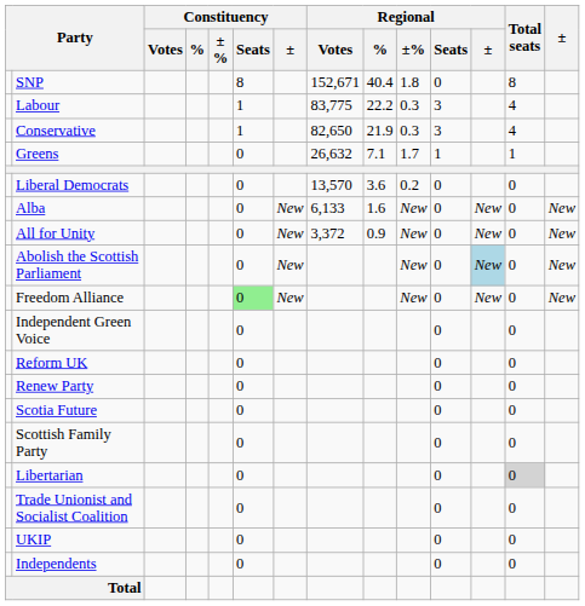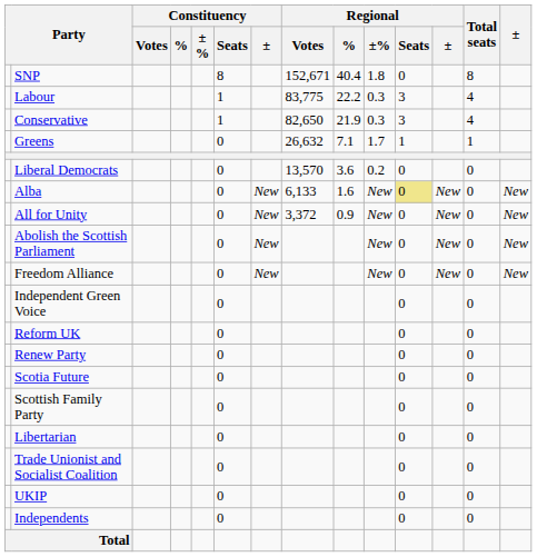 <table class="wikitable sortable">
 <tr>
 <th colspan="2" rowspan="2">Party</th>
 <th colspan="5">Constituency</th>
 <th colspan="5">Regional</th>
 <th rowspan="2">Total<br>seats</th>
 <th rowspan="2">±</th>
 </tr>
 <tr>
 <th>Votes</th>
 <th>%</th>
 <th>±%</th>
 <th>Seats</th>
 <th>±</th>
 <th>Votes</th>
 <th>%</th>
 <th>±%</th>
 <th>Seats</th>
 <th>±</th>
 </tr>
 <tr>
 <td style="color:inherit;background:"></td>
 <td><a href='#'>SNP</a></td>
 <td></td>
 <td></td>
 <td></td>
 <td>8</td>
 <td></td>
 <td>152,671</td>
 <td>40.4</td>
 <td>1.8</td>
 <td>0</td>
 <td></td>
 <td>8</td>
 <td></td>
 </tr>
 <tr>
 <td style="color:inherit;background:"></td>
 <td><a href='#'>Labour</a></td>
 <td></td>
 <td></td>
 <td></td>
 <td>1</td>
 <td></td>
 <td>83,775</td>
 <td>22.2</td>
 <td>0.3</td>
 <td>3</td>
 <td></td>
 <td>4</td>
 <td></td>
 </tr>
 <tr>
 <td style="color:inherit;background:"></td>
 <td><a href='#'>Conservative</a></td>
 <td></td>
 <td></td>
 <td></td>
 <td>1</td>
 <td></td>
 <td>82,650</td>
 <td>21.9</td>
 <td>0.3</td>
 <td>3</td>
 <td></td>
 <td>4</td>
 <td></td>
 </tr>
 <tr>
 <td style="color:inherit;background:"></td>
 <td><a href='#'>Greens</a></td>
 <td></td>
 <td></td>
 <td></td>
 <td>0</td>
 <td></td>
 <td>26,632</td>
 <td>7.1</td>
 <td>1.7</td>
 <td>1</td>
 <td></td>
 <td>1</td>
 <td></td>
 </tr>
 <tr>
 <th colspan=14></th>
 </tr>
 <tr>
 <td style="color:inherit;background:"></td>
 <td><a href='#'>Liberal Democrats</a></td>
 <td></td>
 <td></td>
 <td></td>
 <td>0</td>
 <td></td>
 <td>13,570</td>
 <td>3.6</td>
 <td>0.2</td>
 <td>0</td>
 <td></td>
 <td>0</td>
 <td></td>
 </tr>
 <tr>
 <td style="color:inherit;background:"></td>
 <td><a href='#'>Alba</a></td>
 <td></td>
 <td></td>
 <td></td>
 <td>0</td>
 <td><em>New</em></td>
 <td>6,133</td>
 <td>1.6</td>
 <td><em>New</em></td>
-<td>0</td>
+<td style="background: khaki;">0</td>
 <td><em>New</em></td>
 <td>0</td>
 <td><em>New</em></td>
 </tr>
 <tr>
 <td style="color:inherit;background:"></td>
 <td><a href='#'>All for Unity</a></td>
 <td></td>
 <td></td>
 <td></td>
 <td>0</td>
 <td><em>New</em></td>
 <td>3,372</td>
 <td>0.9</td>
 <td><em>New</em></td>
 <td>0</td>
 <td><em>New</em></td>
 <td>0</td>
 <td><em>New</em></td>
 </tr>
 <tr>
 <td style="color:inherit;background:"></td>
 <td><a href='#'>Abolish the Scottish Parliament</a></td>
 <td></td>
 <td></td>
 <td></td>
 <td>0</td>
 <td><em>New</em></td>
 <td></td>
 <td></td>
 <td><em>New</em></td>
 <td>0</td>
-<td style="background: lightblue;"><em>New</em></td>
+<td><em>New</em></td>
 <td>0</td>
 <td><em>New</em></td>
 </tr>
 <tr>
 <td style="color:inherit;background:"></td>
 <td>Freedom Alliance</td>
 <td></td>
 <td></td>
 <td></td>
-<td style="background: lightgreen;">0</td>
+<td>0</td>
 <td><em>New</em></td>
 <td></td>
 <td></td>
 <td><em>New</em></td>
 <td>0</td>
 <td><em>New</em></td>
 <td>0</td>
 <td><em>New</em></td>
 </tr>
 <tr>
 <td style="color:inherit;background:"></td>
 <td>Independent Green Voice</td>
 <td></td>
 <td></td>
 <td></td>
 <td>0</td>
 <td></td>
 <td></td>
 <td></td>
 <td></td>
 <td>0</td>
 <td></td>
 <td>0</td>
 <td></td>
 </tr>
 <tr>
 <td style="color:inherit;background:"></td>
 <td><a href='#'>Reform UK</a></td>
 <td></td>
 <td></td>
 <td></td>
 <td>0</td>
 <td></td>
 <td></td>
 <td></td>
 <td></td>
 <td>0</td>
 <td></td>
 <td>0</td>
 <td></td>
 </tr>
 <tr>
 <td style="color:inherit;background:"></td>
 <td><a href='#'>Renew Party</a></td>
 <td></td>
 <td></td>
 <td></td>
 <td>0</td>
 <td></td>
 <td></td>
 <td></td>
 <td></td>
 <td>0</td>
 <td></td>
 <td>0</td>
 <td></td>
 </tr>
 <tr>
 <td style="color:inherit;background:"></td>
 <td><a href='#'>Scotia Future</a></td>
 <td></td>
 <td></td>
 <td></td>
 <td>0</td>
 <td></td>
 <td></td>
 <td></td>
 <td></td>
 <td>0</td>
 <td></td>
 <td>0</td>
 <td></td>
 </tr>
 <tr>
 <td style="color:inherit;background:"></td>
 <td>Scottish Family Party</td>
 <td></td>
 <td></td>
 <td></td>
 <td>0</td>
 <td></td>
 <td></td>
 <td></td>
 <td></td>
 <td>0</td>
 <td></td>
 <td>0</td>
 <td></td>
 </tr>
 <tr>
 <td style="color:inherit;background:"></td>
 <td><a href='#'>Libertarian</a></td>
 <td></td>
 <td></td>
 <td></td>
 <td>0</td>
 <td></td>
 <td></td>
 <td></td>
 <td></td>
 <td>0</td>
 <td></td>
-<td style="background: lightgrey;">0</td>
+<td>0</td>
 <td></td>
 </tr>
 <tr>
 <td style="color:inherit;background:"></td>
 <td><a href='#'>Trade Unionist and Socialist Coalition</a></td>
 <td></td>
 <td></td>
 <td></td>
 <td>0</td>
 <td></td>
 <td></td>
 <td></td>
 <td></td>
 <td>0</td>
 <td></td>
 <td>0</td>
 <td></td>
 </tr>
 <tr>
 <td style="color:inherit;background:"></td>
 <td><a href='#'>UKIP</a></td>
 <td></td>
 <td></td>
 <td></td>
 <td>0</td>
 <td></td>
 <td></td>
 <td></td>
 <td></td>
 <td>0</td>
 <td></td>
 <td>0</td>
 <td></td>
 </tr>
 <tr>
 <td style="color:inherit;background:"></td>
 <td><a href='#'>Independents</a></td>
 <td></td>
 <td></td>
 <td></td>
 <td>0</td>
 <td></td>
 <td></td>
 <td></td>
 <td></td>
 <td>0</td>
 <td></td>
 <td>0</td>
 <td></td>
 </tr>
 <tr class="sortbottom">
 <th colspan="2" style="text-align:right;"><strong>Total</strong></th>
 <td></td>
 <td></td>
 <td></td>
 <td></td>
 <td></td>
 <td></td>
 <td></td>
 <td></td>
 <td></td>
 <td></td>
 <td></td>
 <td></td>
 </tr>
 </table>
